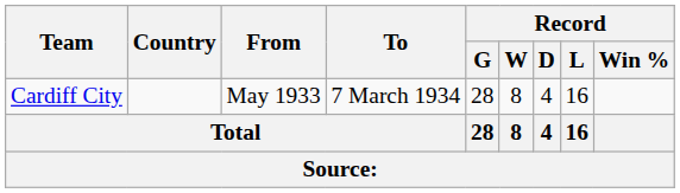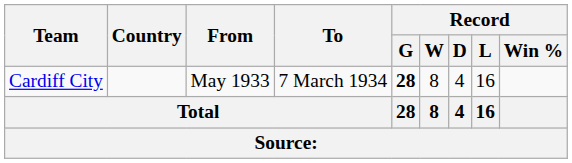 <table class="wikitable" style="text-align: center">
 <tr>
 <th rowspan="2">Team</th>
 <th rowspan="2">Country</th>
 <th rowspan="2">From</th>
 <th rowspan="2">To</th>
 <th colspan="6">Record</th>
 </tr>
 <tr>
 <th>G</th>
 <th>W</th>
 <th>D</th>
 <th>L</th>
 <th>Win %</th>
 </tr>
 <tr>
 <td align=left><a href='#'>Cardiff City</a></td>
 <td></td>
 <td align=left>May 1933</td>
 <td align=left>7 March 1934</td>
-<td>28</td>
+<td><strong>28</strong></td>
 <td>8</td>
 <td>4</td>
 <td>16</td>
 <td></td>
 </tr>
 <tr>
 <th colspan="4">Total</th>
 <th>28</th>
 <th>8</th>
 <th>4</th>
 <th>16</th>
 <th></th>
 </tr>
 <tr>
 <th colspan="9"><strong>Source:</strong></th>
 </tr>
 </table>
